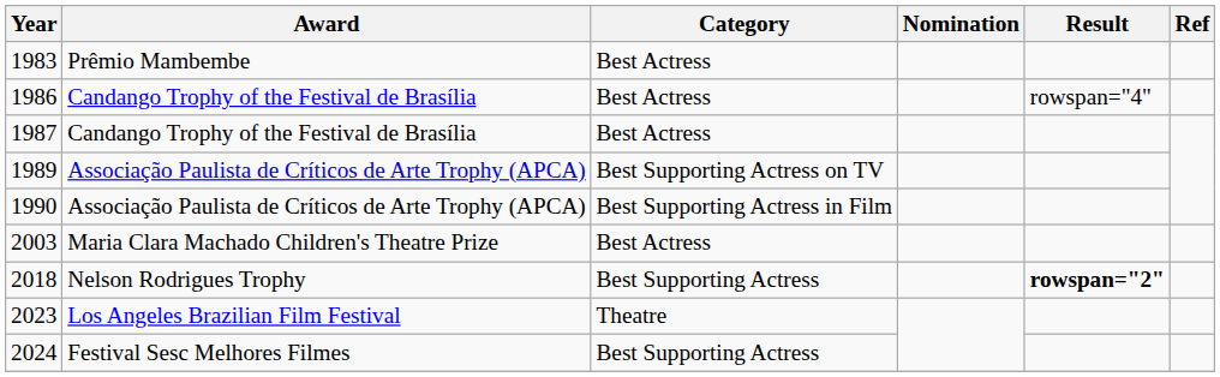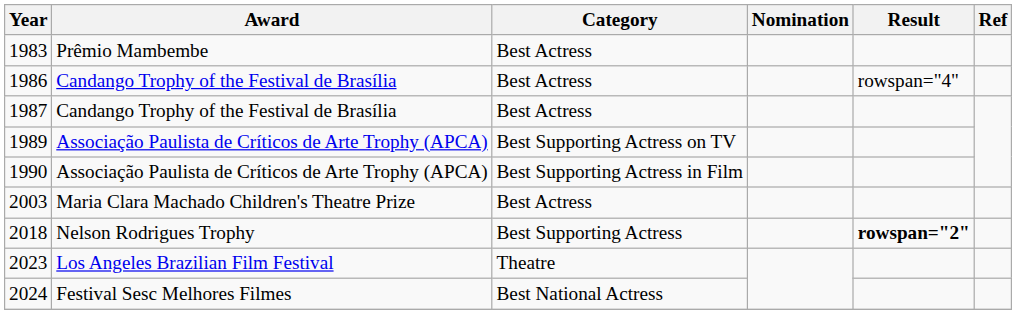 <table class="wikitable">
 <tr>
 <th>Year</th>
 <th>Award</th>
 <th>Category</th>
 <th>Nomination</th>
 <th>Result</th>
 <th>Ref</th>
 </tr>
 <tr>
 <td>1983</td>
 <td>Prêmio Mambembe</td>
 <td>Best Actress</td>
 <td></td>
 <td></td>
 <td></td>
 </tr>
 <tr>
 <td>1986</td>
 <td><a href='#'>Candango Trophy of the Festival de Brasília</a></td>
 <td>Best Actress</td>
 <td></td>
 <td>rowspan="4" </td>
 <td></td>
 </tr>
 <tr>
 <td>1987</td>
 <td>Candango Trophy of the Festival de Brasília</td>
 <td>Best Actress</td>
 <td></td>
 <td></td>
 </tr>
 <tr>
 <td>1989</td>
 <td><a href='#'>Associação Paulista de Críticos de Arte Trophy (APCA)</a></td>
 <td>Best Supporting Actress on TV</td>
 <td></td>
 <td></td>
 </tr>
 <tr>
 <td>1990</td>
 <td>Associação Paulista de Críticos de Arte Trophy (APCA)</td>
 <td>Best Supporting Actress in Film</td>
 <td></td>
 <td></td>
 </tr>
 <tr>
 <td>2003</td>
 <td>Maria Clara Machado Children's Theatre Prize</td>
 <td>Best Actress</td>
 <td></td>
 <td></td>
 <td></td>
 </tr>
 <tr>
 <td>2018</td>
 <td>Nelson Rodrigues Trophy</td>
 <td>Best Supporting Actress</td>
 <td></td>
 <td><strong>rowspan="2"</strong></td>
 <td></td>
 </tr>
 <tr>
 <td>2023</td>
 <td><a href='#'>Los Angeles Brazilian Film Festival</a></td>
 <td>Theatre</td>
 <td rowspan="2"></td>
 <td></td>
 </tr>
 <tr>
 <td>2024</td>
 <td>Festival Sesc Melhores Filmes</td>
-<td>Best Supporting Actress</td>
+<td>Best National Actress</td>
 <td></td>
 <td></td>
 </tr>
 <tr>
 </tr>
 </table>
